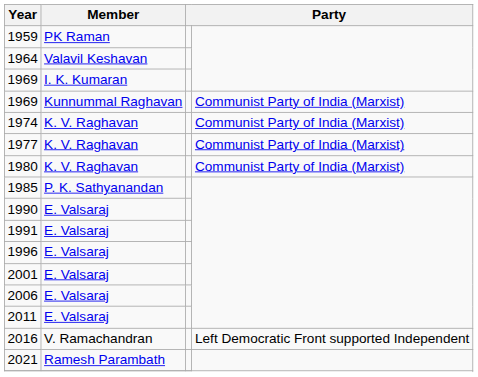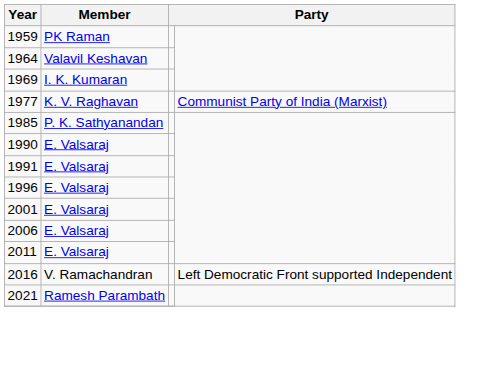 <table class="wikitable">
 <tr>
 <th>Year</th>
 <th>Member</th>
 <th colspan="2">Party</th>
 </tr>
 <tr>
 <td>1959</td>
 <td><a href='#'>PK Raman</a></td>
 <td></td>
 </tr>
 <tr>
 <td>1964</td>
 <td><a href='#'>Valavil Keshavan</a></td>
 <td></td>
 </tr>
 <tr>
 <td>1969</td>
 <td><a href='#'>I. K. Kumaran</a></td>
 <td></td>
 </tr>
 <tr>
-<td>1969</td>
-<td><a href='#'>Kunnummal Raghavan</a></td>
-<td style="background-color: "></td>
-<td><a href='#'>Communist Party of India (Marxist)</a></td>
-</tr>
-<tr>
-<td>1974</td>
-<td><a href='#'>K. V. Raghavan</a></td>
-<td style="background-color: "></td>
-<td><a href='#'>Communist Party of India (Marxist)</a></td>
-</tr>
-<tr>
 <td>1977</td>
-<td><a href='#'>K. V. Raghavan</a></td>
-<td style="background-color: "></td>
-<td><a href='#'>Communist Party of India (Marxist)</a></td>
-</tr>
-<tr>
-<td>1980</td>
 <td><a href='#'>K. V. Raghavan</a></td>
 <td style="background-color: "></td>
 <td><a href='#'>Communist Party of India (Marxist)</a></td>
 </tr>
 <tr>
 <td>1985</td>
 <td><a href='#'>P. K. Sathyanandan</a></td>
 <td></td>
 </tr>
 <tr>
 <td>1990</td>
 <td><a href='#'>E. Valsaraj</a></td>
 <td></td>
 </tr>
 <tr>
 <td>1991</td>
 <td><a href='#'>E. Valsaraj</a></td>
 <td></td>
 </tr>
 <tr>
 <td>1996</td>
 <td><a href='#'>E. Valsaraj</a></td>
 <td></td>
 </tr>
 <tr>
 <td>2001</td>
 <td><a href='#'>E. Valsaraj</a></td>
 <td></td>
 </tr>
 <tr>
 <td>2006</td>
 <td><a href='#'>E. Valsaraj</a></td>
 <td></td>
 </tr>
 <tr>
 <td>2011</td>
 <td><a href='#'>E. Valsaraj</a></td>
 <td></td>
 </tr>
 <tr>
 <td>2016</td>
 <td>V. Ramachandran</td>
 <td Bgcolor=></td>
 <td align="left">Left Democratic Front supported Independent</td>
 </tr>
 <tr>
 <td>2021</td>
 <td><a href='#'>Ramesh Parambath</a></td>
 <td></td>
 </tr>
 <tr>
 </tr>
 </table>
